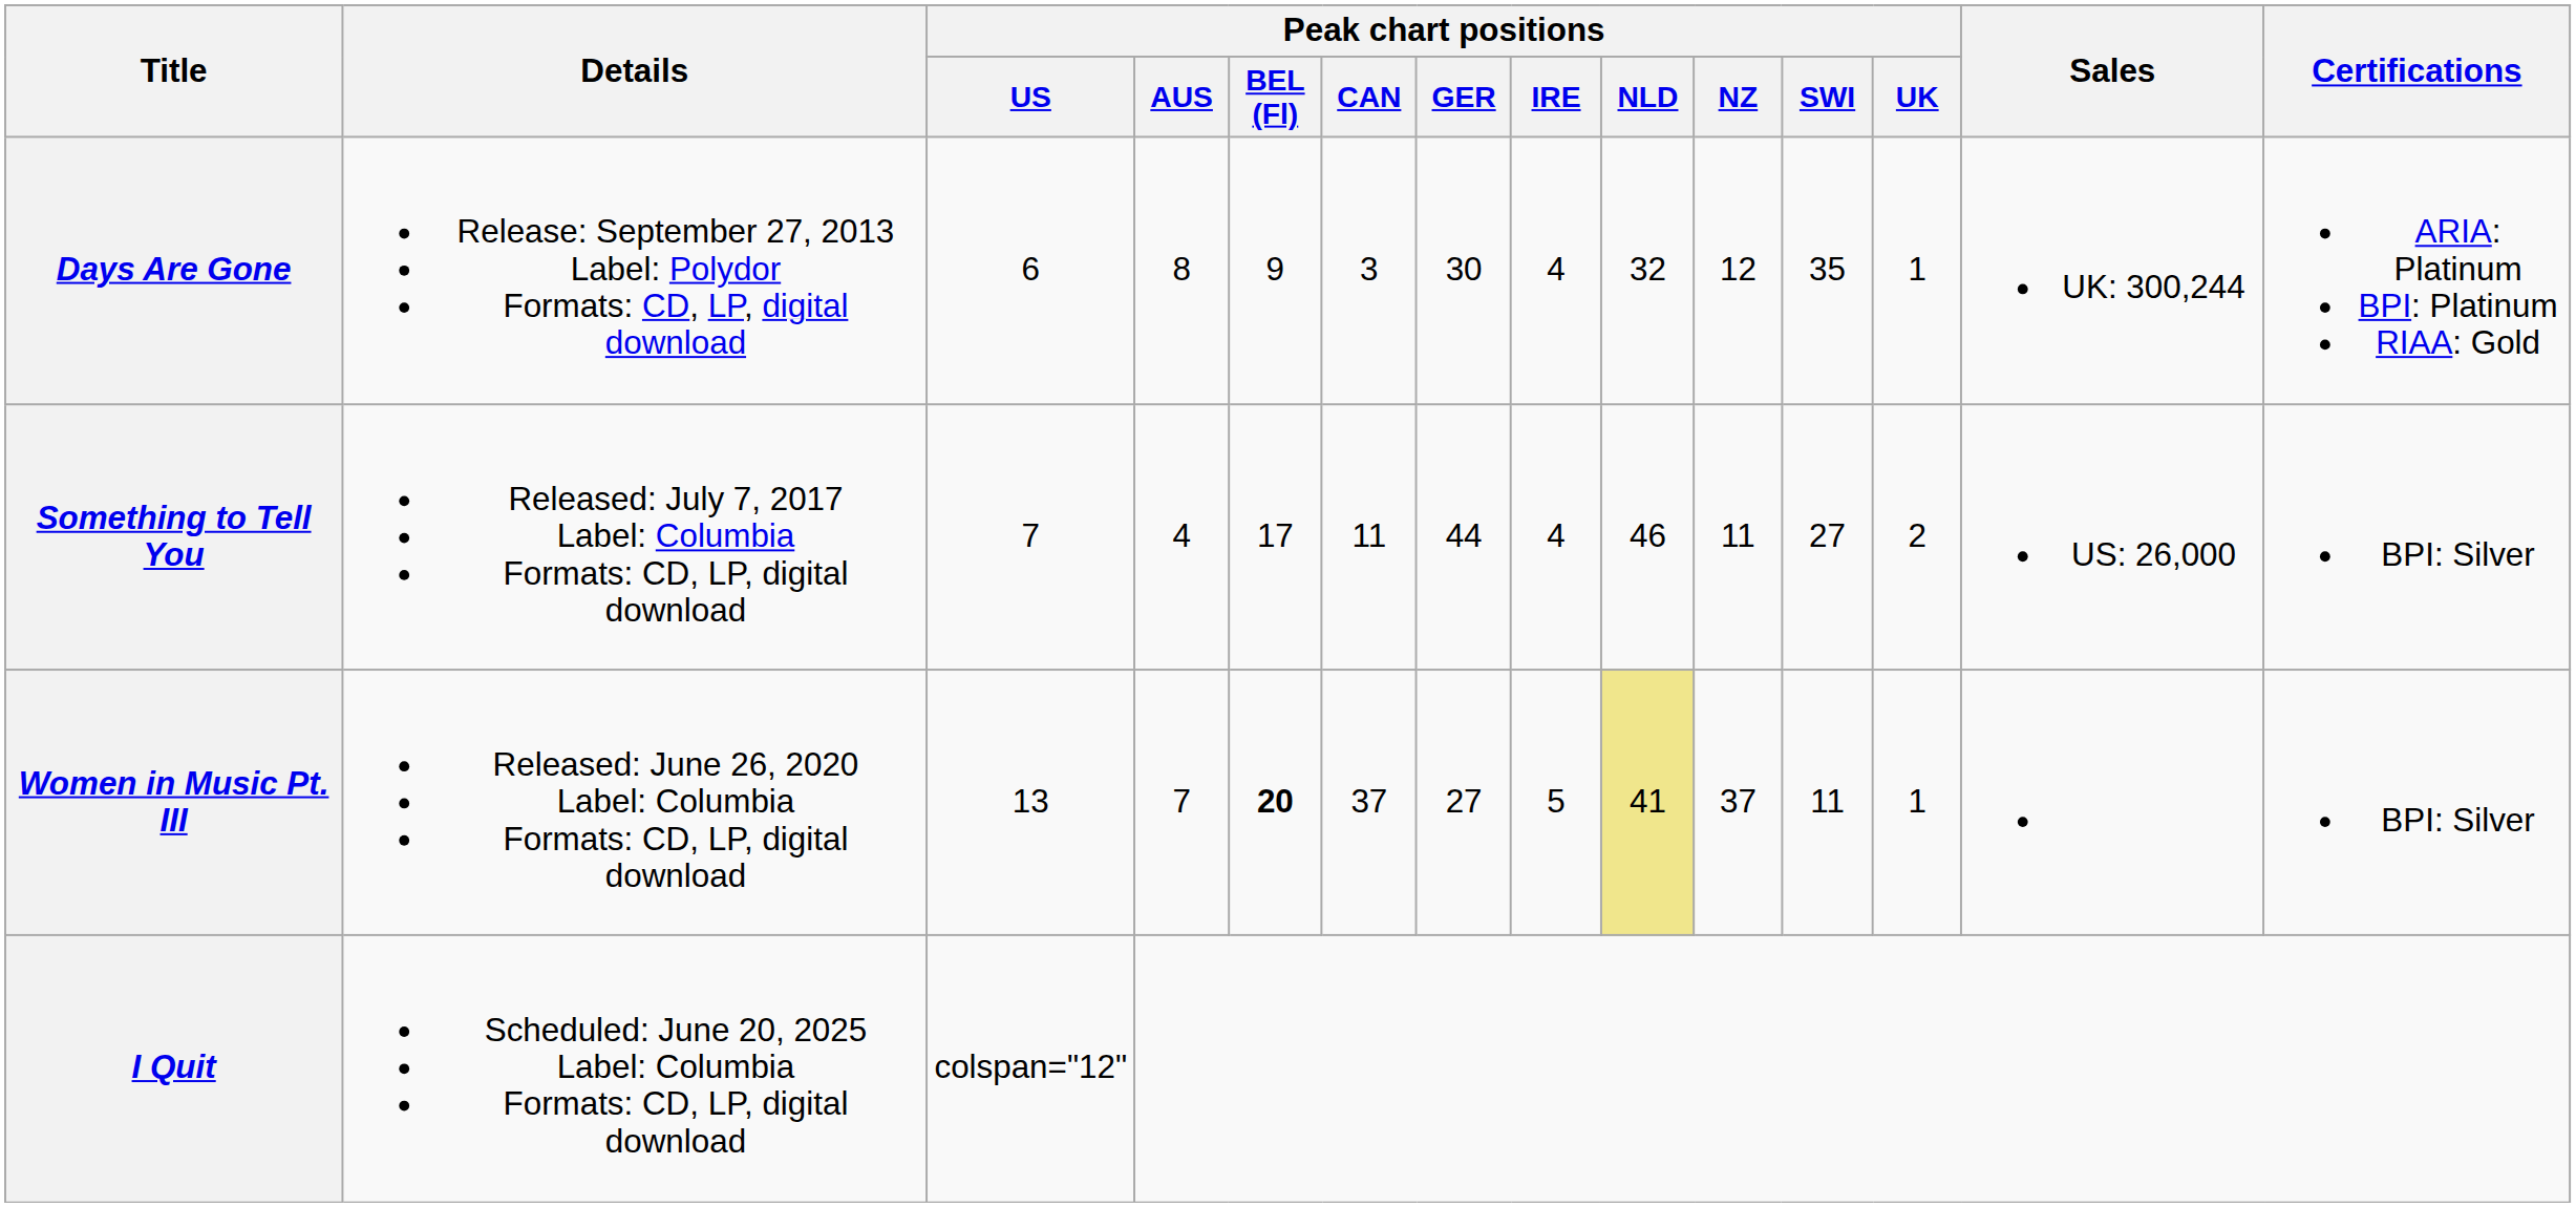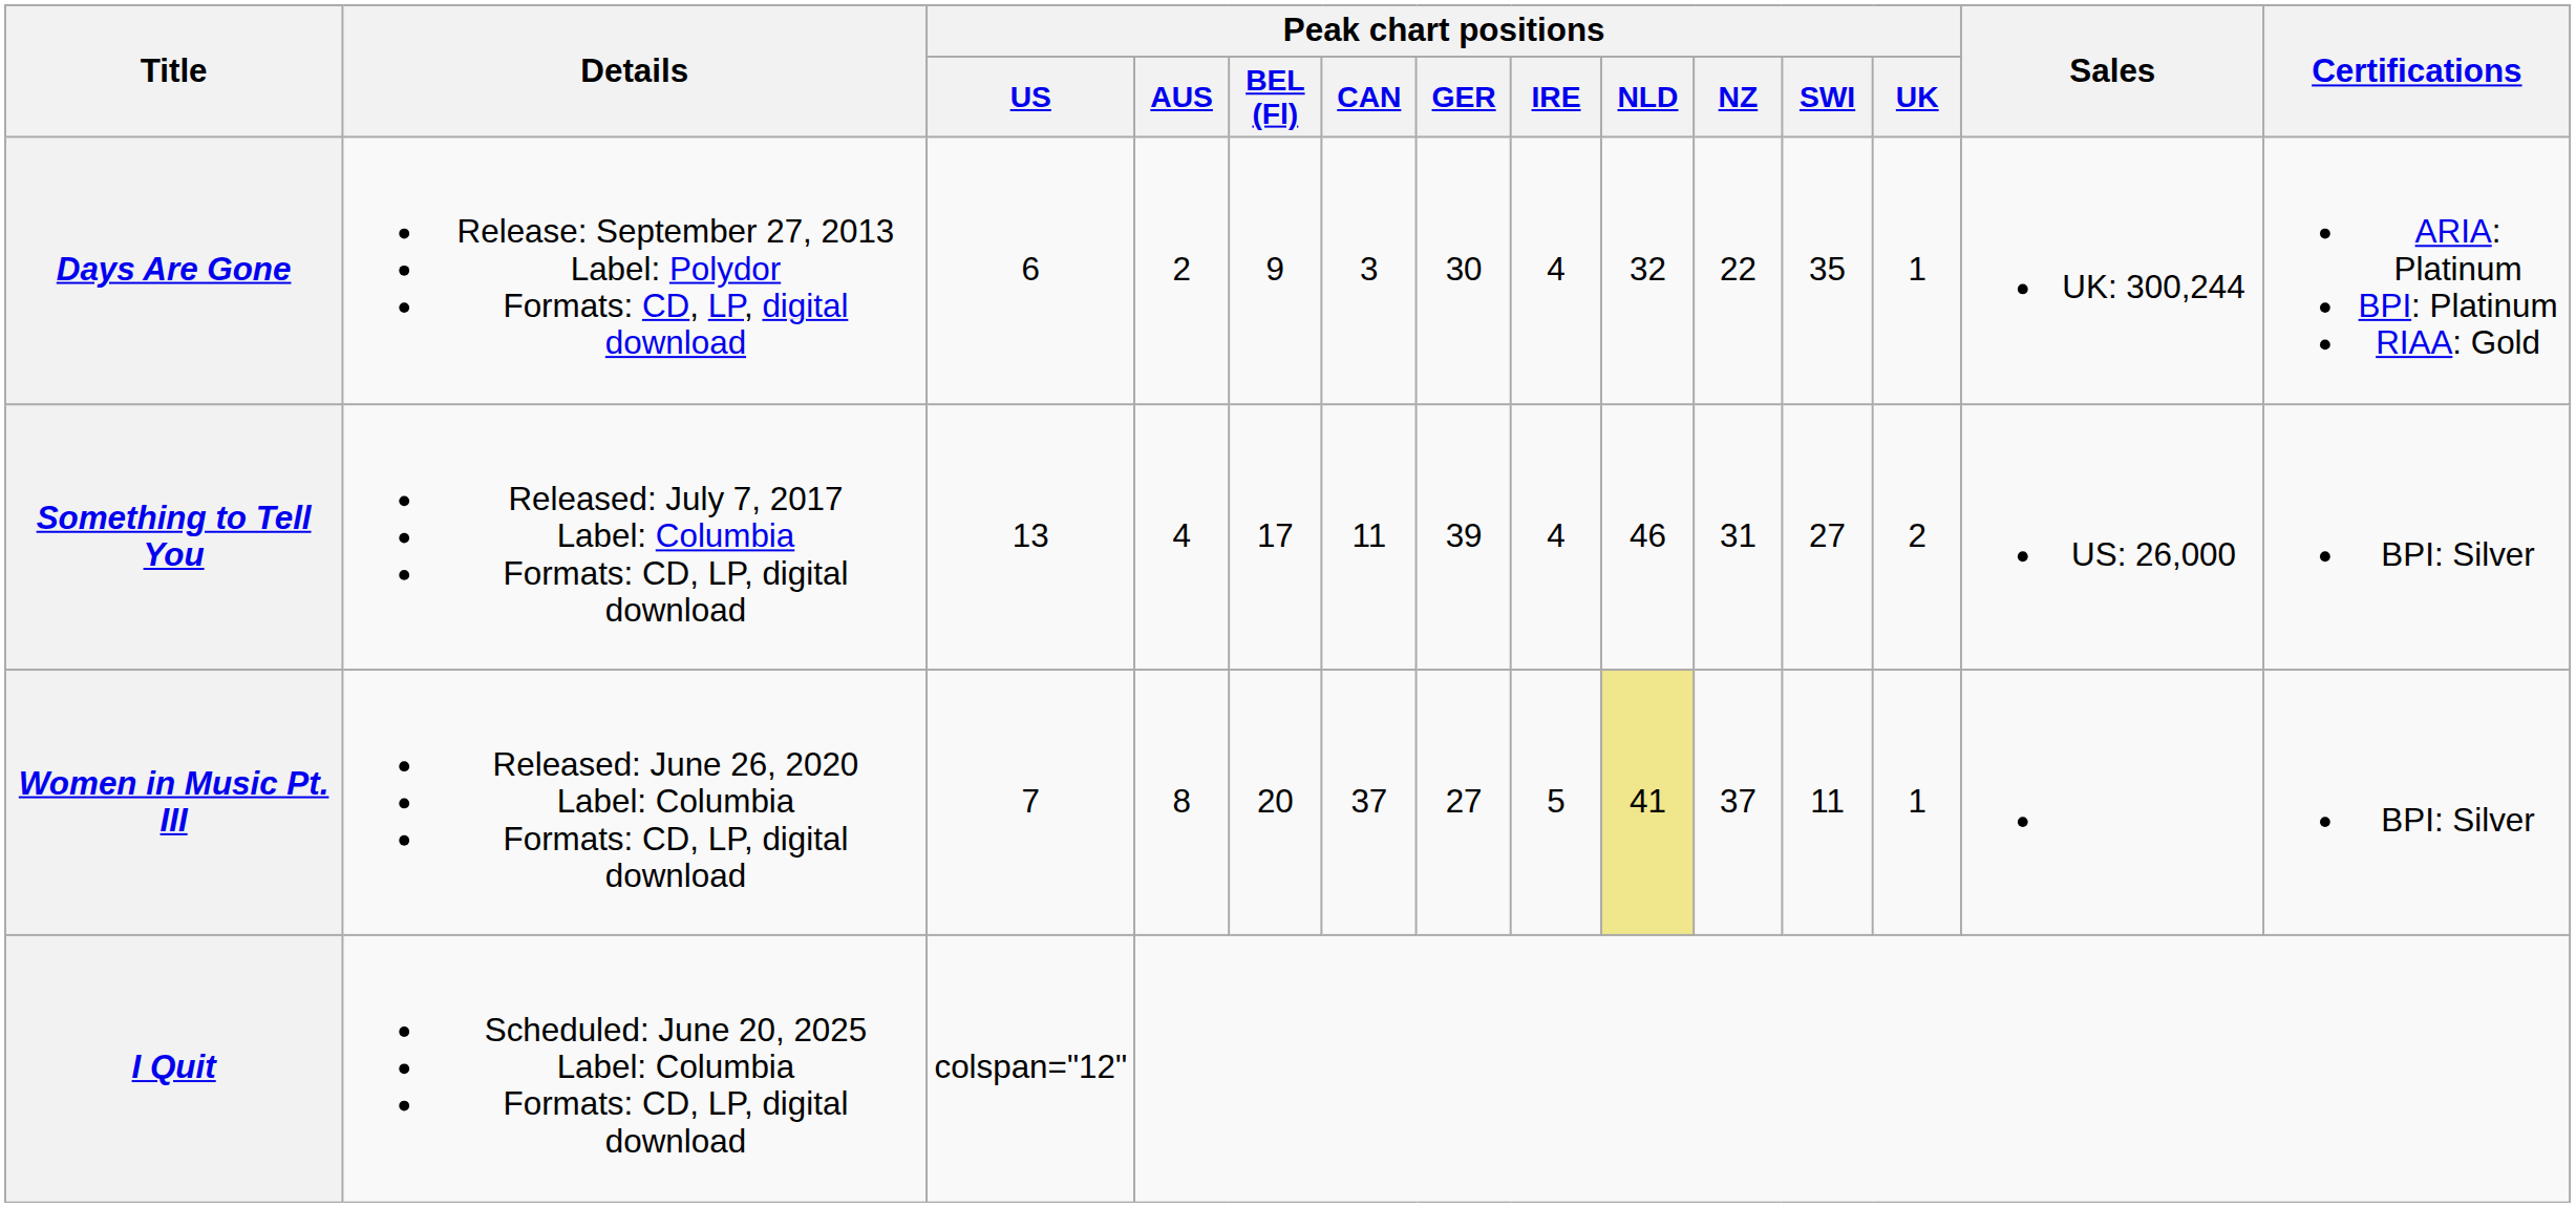 <table class="wikitable plainrowheaders" style="text-align:center;">
 <tr>
 <th scope="col" rowspan="2" style="width:12em;">Title</th>
 <th scope="col" rowspan="2" style="width:22em;">Details</th>
 <th scope="col" colspan="10">Peak chart positions</th>
 <th scope="col" rowspan="2" style="width:10em;">Sales</th>
 <th scope="col" rowspan="2" style="width:10em;"><a href='#'>Certifications</a></th>
 </tr>
 <tr>
 <th scope="col" style="width:3em;font-size:90%;"><a href='#'>US</a><br></th>
 <th scope="col" style="width:3em;font-size:90%;"><a href='#'>AUS</a><br></th>
 <th scope="col" style="width:3em;font-size:90%;"><a href='#'>BEL<br>(Fl)</a><br></th>
 <th scope="col" style="width:3em;font-size:90%;"><a href='#'>CAN</a><br></th>
 <th scope="col" style="width:3em;font-size:90%;"><a href='#'>GER</a><br></th>
 <th scope="col" style="width:3em;font-size:90%;"><a href='#'>IRE</a><br></th>
 <th scope="col" style="width:3em;font-size:90%;"><a href='#'>NLD</a><br></th>
 <th scope="col" style="width:3em;font-size:90%;"><a href='#'>NZ</a><br></th>
 <th scope="col" style="width:3em;font-size:90%;"><a href='#'>SWI</a><br></th>
 <th scope="col" style="width:3em;font-size:90%;"><a href='#'>UK</a><br></th>
 </tr>
 <tr>
 <th scope="row"><em><a href='#'>Days Are Gone</a></em></th>
 <td><br><ul><li>Release: September 27, 2013</li><li>Label: <a href='#'>Polydor</a></li><li>Formats: <a href='#'>CD</a>, <a href='#'>LP</a>, <a href='#'>digital download</a></li></ul></td>
 <td>6</td>
-<td>8</td>
+<td>2</td>
 <td>9</td>
 <td>3</td>
 <td>30</td>
 <td>4</td>
 <td>32</td>
-<td>12</td>
+<td>22</td>
 <td>35</td>
 <td>1</td>
 <td><br><ul><li>UK: 300,244</li></ul></td>
 <td><br><ul><li><a href='#'>ARIA</a>: Platinum</li><li><a href='#'>BPI</a>: Platinum</li><li><a href='#'>RIAA</a>: Gold</li></ul></td>
 </tr>
 <tr>
 <th scope="row"><em><a href='#'>Something to Tell You</a></em></th>
 <td><br><ul><li>Released: July 7, 2017</li><li>Label: <a href='#'>Columbia</a></li><li>Formats: CD, LP, digital download</li></ul></td>
-<td>7</td>
+<td>13</td>
 <td>4</td>
 <td>17</td>
 <td>11</td>
-<td>44</td>
+<td>39</td>
 <td>4</td>
 <td>46</td>
-<td>11</td>
+<td>31</td>
 <td>27</td>
 <td>2</td>
 <td><br><ul><li>US: 26,000</li></ul></td>
 <td><br><ul><li>BPI: Silver</li></ul></td>
 </tr>
 <tr>
 <th scope="row"><em><a href='#'>Women in Music Pt. III</a></em></th>
 <td><br><ul><li>Released: June 26, 2020</li><li>Label: Columbia</li><li>Formats: CD, LP, digital download</li></ul></td>
-<td>13</td>
 <td>7</td>
-<td><strong>20</strong></td>
+<td>8</td>
+<td>20</td>
 <td>37</td>
 <td>27</td>
 <td>5</td>
 <td style="background: khaki;">41</td>
 <td>37</td>
 <td>11</td>
 <td>1</td>
 <td><br><ul><li></li></ul></td>
 <td><br><ul><li>BPI: Silver</li></ul></td>
 </tr>
 <tr>
 <th scope="row"><em><a href='#'>I Quit</a></em></th>
 <td><br><ul><li>Scheduled: June 20, 2025</li><li>Label: Columbia</li><li>Formats: CD, LP, digital download</li></ul></td>
 <td>colspan="12" </td>
 </tr>
 </table>
